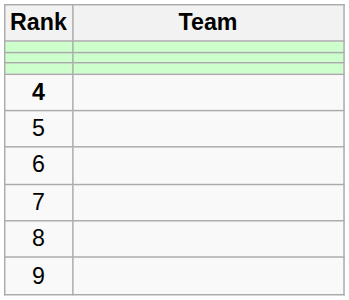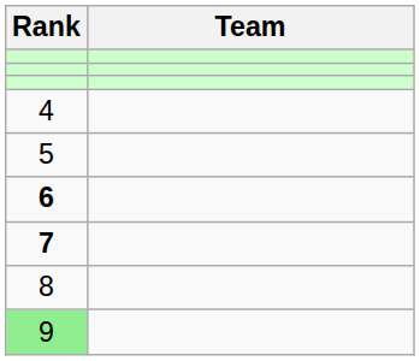 <table class=wikitable style="text-align:center;">
 <tr>
 <th>Rank</th>
 <th width=180>Team</th>
 </tr>
 <tr bgcolor=#CCFFCC>
 <td></td>
 <td align=left></td>
 </tr>
 <tr bgcolor=#CCFFCC>
 <td></td>
 <td align=left></td>
 </tr>
 <tr bgcolor=#CCFFCC>
 <td></td>
 <td align=left></td>
 </tr>
 <tr>
-<td><strong>4</strong></td>
+<td>4</td>
 <td align=left></td>
 </tr>
 <tr>
 <td>5</td>
 <td align=left></td>
 </tr>
 <tr>
-<td>6</td>
+<td><strong>6</strong></td>
 <td align=left></td>
 </tr>
 <tr>
-<td>7</td>
+<td><strong>7</strong></td>
 <td align=left></td>
 </tr>
 <tr>
 <td>8</td>
 <td align=left></td>
 </tr>
 <tr>
-<td>9</td>
+<td style="background: lightgreen;">9</td>
 <td align=left></td>
 </tr>
 </table>
